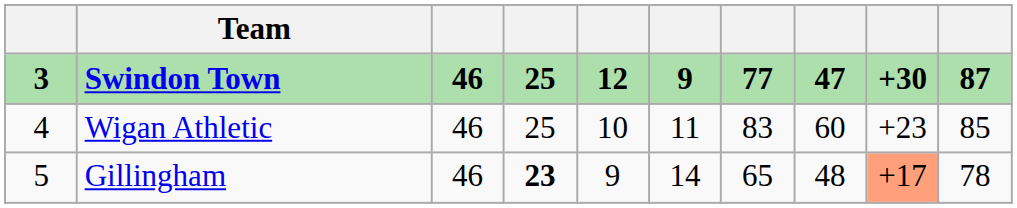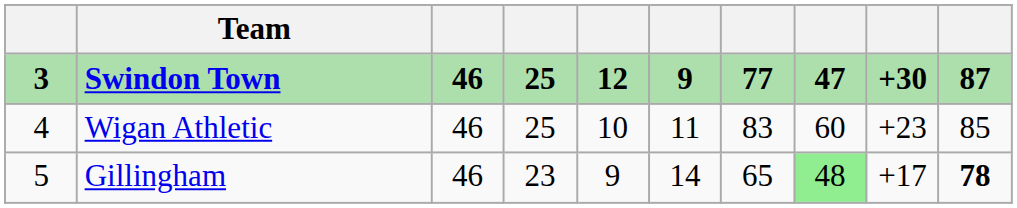 <table class="wikitable" style="text-align:center">
 <tr>
 <th width="30"></th>
 <th width="175">Team</th>
 <th width="30"></th>
 <th width="30"></th>
 <th width="30"></th>
 <th width="30"></th>
 <th width="30"></th>
 <th width="30"></th>
 <th width="30"></th>
 <th width="30"></th>
 </tr>
 <tr bgcolor=#ADDFAD>
 <td><strong>3</strong></td>
 <td align=left><strong><a href='#'>Swindon Town</a></strong></td>
 <td><strong>46</strong></td>
 <td><strong>25</strong></td>
 <td><strong>12</strong></td>
 <td><strong>9</strong></td>
 <td><strong>77</strong></td>
 <td><strong>47</strong></td>
 <td><strong>+30</strong></td>
 <td><strong>87</strong></td>
 </tr>
 <tr>
 <td>4</td>
 <td align=left><a href='#'>Wigan Athletic</a></td>
 <td>46</td>
 <td>25</td>
 <td>10</td>
 <td>11</td>
 <td>83</td>
 <td>60</td>
 <td>+23</td>
 <td>85</td>
 </tr>
 <tr>
 <td>5</td>
 <td align=left><a href='#'>Gillingham</a></td>
 <td>46</td>
-<td><strong>23</strong></td>
+<td>23</td>
 <td>9</td>
 <td>14</td>
 <td>65</td>
-<td>48</td>
-<td style="background: lightsalmon;">+17</td>
-<td>78</td>
+<td style="background: lightgreen;">48</td>
+<td>+17</td>
+<td><strong>78</strong></td>
 </tr>
 </table>
